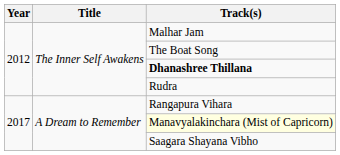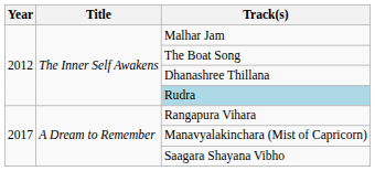 <table class="wikitable">
 <tr>
 <th>Year</th>
 <th>Title</th>
 <th>Track(s)</th>
 </tr>
 <tr>
 <td rowspan="4">2012</td>
 <td rowspan="4"><em>The Inner Self Awakens</em></td>
 <td>Malhar Jam</td>
 </tr>
 <tr>
 <td>The Boat Song</td>
 </tr>
 <tr>
-<td><strong>Dhanashree Thillana</strong></td>
+<td>Dhanashree Thillana</td>
 </tr>
 <tr>
-<td>Rudra</td>
+<td style="background: lightblue;">Rudra</td>
 </tr>
 <tr>
 <td rowspan="3">2017</td>
 <td rowspan="3"><em>A Dream to Remember</em></td>
 <td>Rangapura Vihara</td>
 </tr>
 <tr>
-<td style="background: lightyellow;">Manavyalakinchara (Mist of Capricorn)</td>
+<td>Manavyalakinchara (Mist of Capricorn)</td>
 </tr>
 <tr>
 <td>Saagara Shayana Vibho</td>
 </tr>
 </table>
